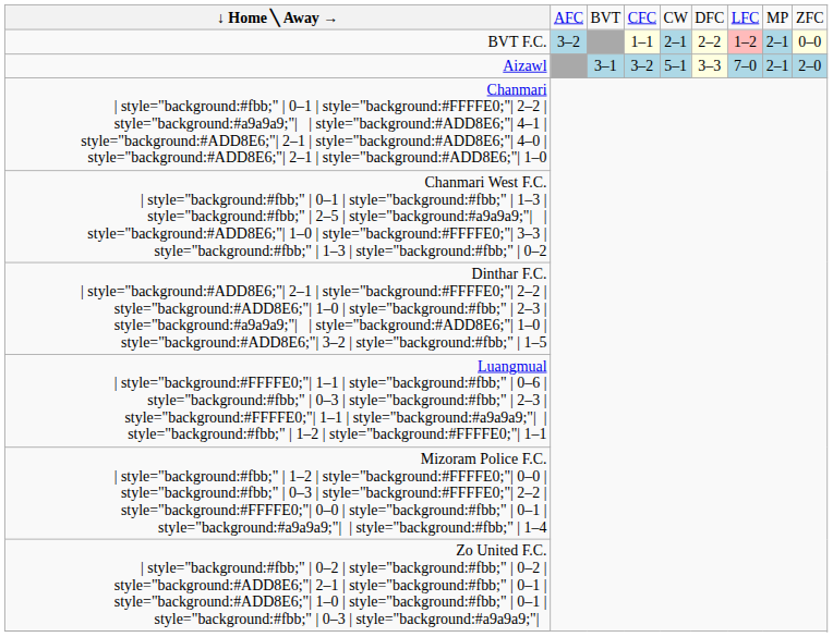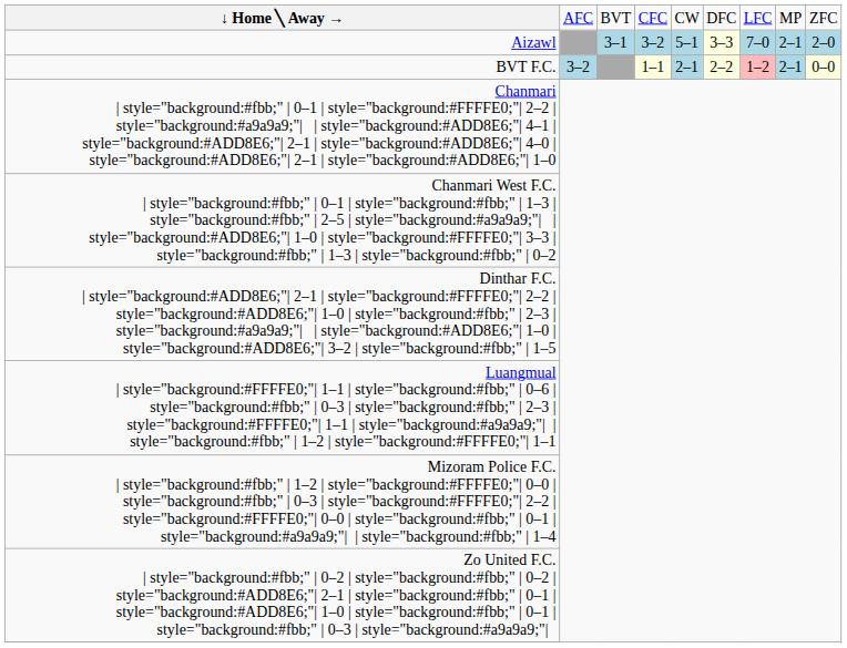 <table class="wikitable" style="white-space:nowrap;text-align:center;">
 <tr>
 <th>↓ Home ╲ Away →</th>
 <td><a href='#'>AFC</a></td>
 <td>BVT</td>
 <td><a href='#'>CFC</a></td>
 <td>CW</td>
 <td>DFC</td>
 <td><a href='#'>LFC</a></td>
 <td>MP</td>
 <td>ZFC</td>
 </tr>
 <tr>
+<td style="text-align:right;white-space:normal"><a href='#'>Aizawl</a></td>
+<td style="background:#a9a9a9;"> 		        </td>
+<td style="background:#ADD8E6;">3–1			</td>
+<td style="background:#ADD8E6;">3–2			</td>
+<td style="background:#ADD8E6;">5–1			</td>
+<td style="background:#FFFFE0;">3–3			</td>
+<td style="background:#ADD8E6;">7–0			</td>
+<td style="background:#ADD8E6;">2–1			</td>
+<td style="background:#ADD8E6;">2–0			</td>
+</tr>
+<tr>
 <td style="text-align:right;white-space:normal">BVT F.C.</td>
 <td style="background:#ADD8E6;">3–2	       </td>
 <td style="background:#a9a9a9;">           </td>
 <td style="background:#FFFFE0;">1–1             </td>
 <td style="background:#ADD8E6;">2–1             </td>
 <td style="background:#FFFFE0;">2–2             </td>
 <td style="background:#fbb;">1–2             </td>
 <td style="background:#ADD8E6;">2–1             </td>
 <td style="background:#FFFFE0;">0–0             </td>
-</tr>
-<tr>
-<td style="text-align:right;white-space:normal"><a href='#'>Aizawl</a></td>
-<td style="background:#a9a9a9;"> 		        </td>
-<td style="background:#ADD8E6;">3–1			</td>
-<td style="background:#ADD8E6;">3–2			</td>
-<td style="background:#ADD8E6;">5–1			</td>
-<td style="background:#FFFFE0;">3–3			</td>
-<td style="background:#ADD8E6;">7–0			</td>
-<td style="background:#ADD8E6;">2–1			</td>
-<td style="background:#ADD8E6;">2–0			</td>
 </tr>
 <tr>
 <td style="text-align:right;white-space:normal"><a href='#'>Chanmari</a><br> | style="background:#fbb;"   | 0–1                    | style="background:#FFFFE0;"| 2–2                       | style="background:#a9a9a9;"|                 | style="background:#ADD8E6;"| 4–1                | style="background:#ADD8E6;"| 2–1                   | style="background:#ADD8E6;"| 4–0                 | style="background:#ADD8E6;"| 2–1               | style="background:#ADD8E6;"| 1–0            </td>
 </tr>
 <tr>
 <td style="text-align:right;white-space:normal">Chanmari West F.C.<br> | style="background:#fbb;"   | 0–1		               | style="background:#fbb;"   | 1–3                           | style="background:#fbb;"   | 2–5                      | style="background:#a9a9a9;"|                   | style="background:#ADD8E6;"| 1–0                       | style="background:#FFFFE0;"| 3–3                     | style="background:#fbb;"   | 1–3                   | style="background:#fbb;"   | 0–2                </td>
 </tr>
 <tr>
 <td style="text-align:right;white-space:normal">Dinthar F.C.<br> | style="background:#ADD8E6;"| 2–1		        | style="background:#FFFFE0;"| 2–2                    | style="background:#ADD8E6;"| 1–0               | style="background:#fbb;"   | 2–3             | style="background:#a9a9a9;"|               | style="background:#ADD8E6;"| 1–0              | style="background:#ADD8E6;"| 3–2            | style="background:#fbb;"   | 1–5         </td>
 </tr>
 <tr>
 <td style="text-align:right;white-space:normal"><a href='#'>Luangmual</a><br> | style="background:#FFFFE0;"| 1–1		               | style="background:#fbb;"   | 0–6                           | style="background:#fbb;"   | 0–3                      | style="background:#fbb;"   | 2–3                    | style="background:#FFFFE0;"| 1–1                       | style="background:#a9a9a9;"|                    | style="background:#fbb;"   | 1–2                   | style="background:#FFFFE0;"| 1–1                </td>
 </tr>
 <tr>
 <td style="text-align:right;white-space:normal">Mizoram Police F.C.<br> | style="background:#fbb;"   | 1–2		               | style="background:#FFFFE0;"| 0–0                           | style="background:#fbb;"   | 0–3                      | style="background:#FFFFE0;"| 2–2                    | style="background:#FFFFE0;"| 0–0                       | style="background:#fbb;"   | 0–1                     | style="background:#a9a9a9;"|                  | style="background:#fbb;"   | 1–4                </td>
 </tr>
 <tr>
 <td style="text-align:right;white-space:normal">Zo United F.C.<br> | style="background:#fbb;"   | 0–2		               | style="background:#fbb;"   | 0–2                           | style="background:#ADD8E6;"| 2–1                      | style="background:#fbb;"   | 0–1                    | style="background:#ADD8E6;"| 1–0                       | style="background:#fbb;"   | 0–1                     | style="background:#fbb;"   | 0–3                   | style="background:#a9a9a9;"|               </td>
 </tr>
 <tr>
 </tr>
 </table>
